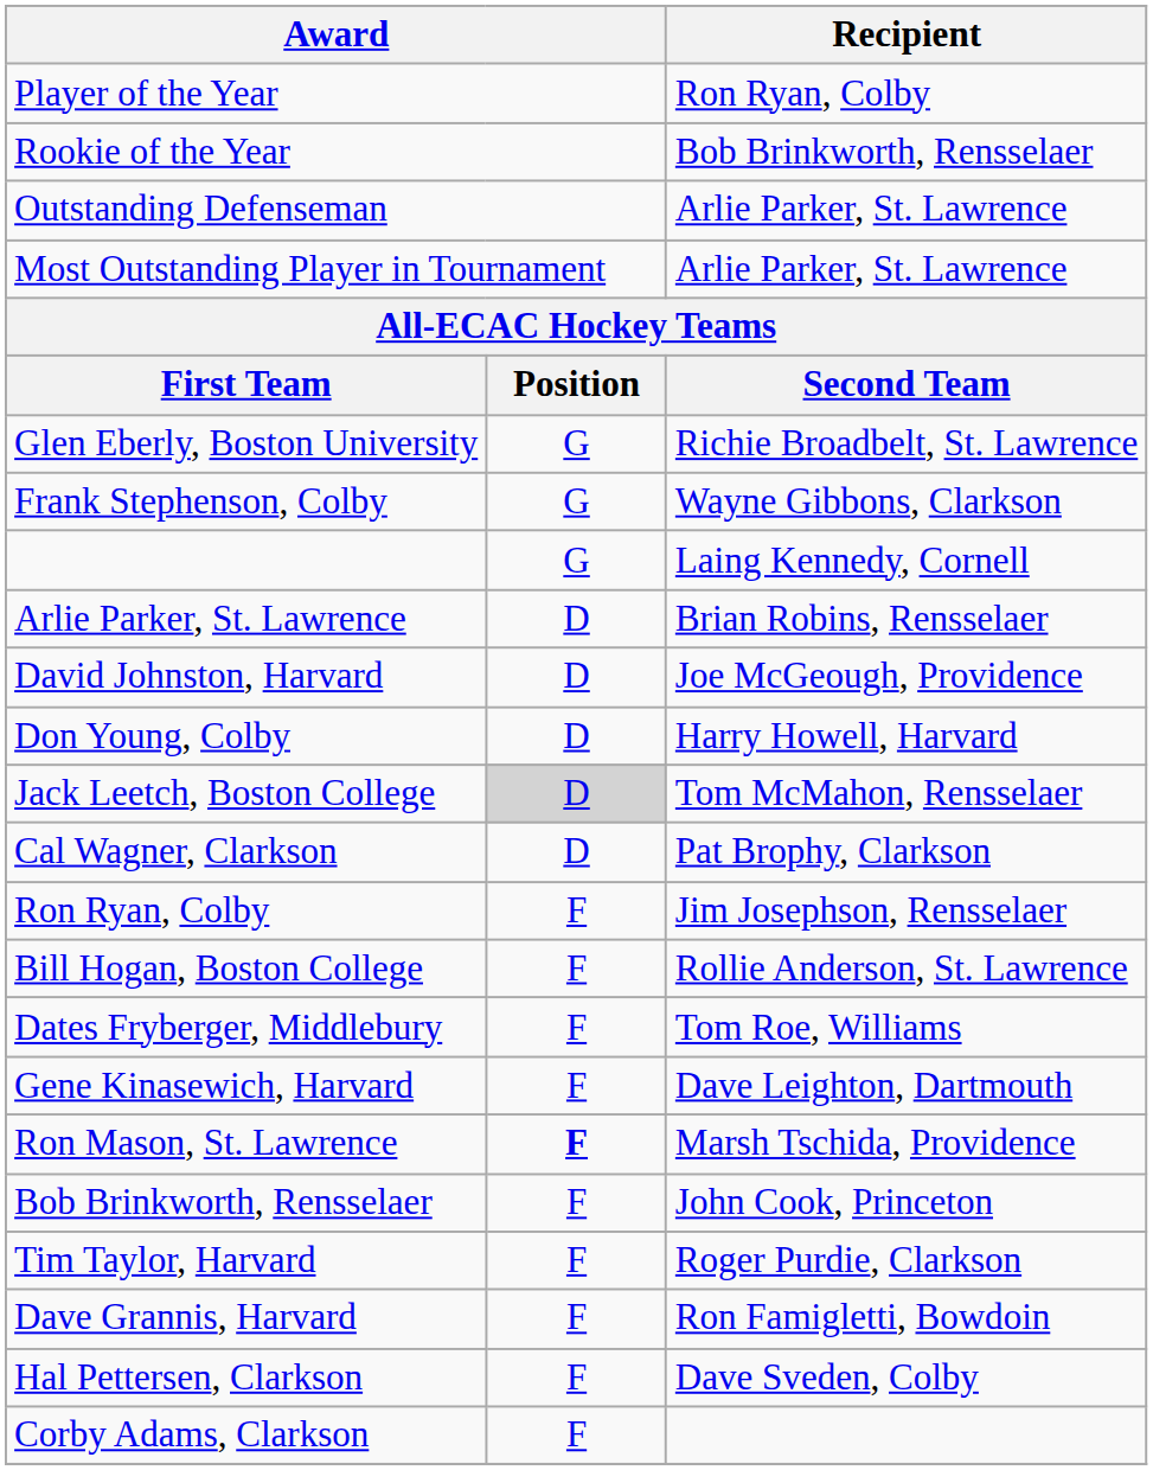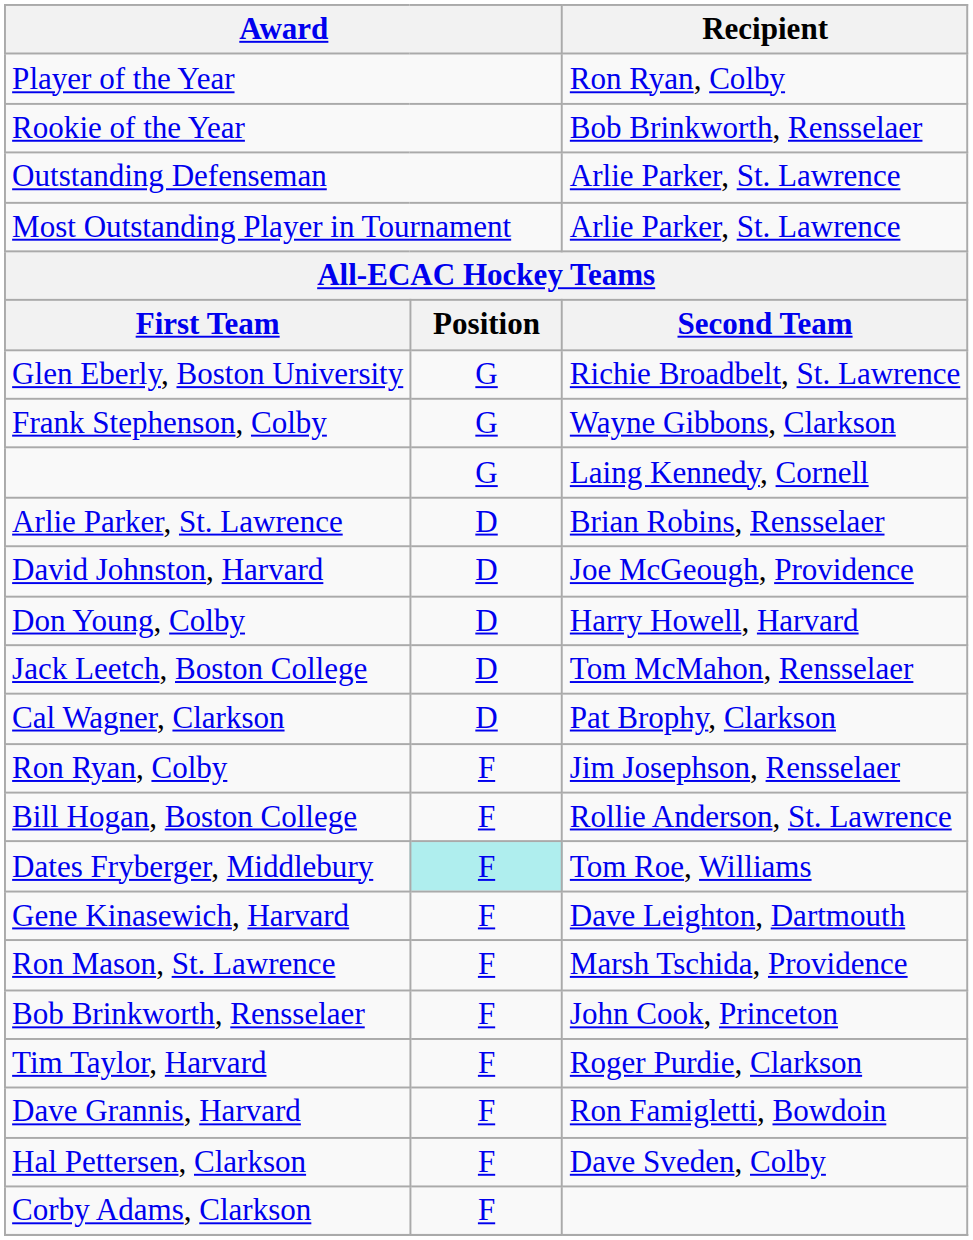 <table class="wikitable">
 <tr>
 <th colspan=2><a href='#'>Award</a></th>
 <th>Recipient</th>
 </tr>
 <tr>
 <td colspan=2><a href='#'>Player of the Year</a></td>
 <td><a href='#'>Ron Ryan</a>, <a href='#'>Colby</a></td>
 </tr>
 <tr>
 <td colspan=2><a href='#'>Rookie of the Year</a></td>
 <td><a href='#'>Bob Brinkworth</a>, <a href='#'>Rensselaer</a></td>
 </tr>
 <tr>
 <td colspan=2><a href='#'>Outstanding Defenseman</a></td>
 <td><a href='#'>Arlie Parker</a>, <a href='#'>St. Lawrence</a></td>
 </tr>
 <tr>
 <td colspan=2><a href='#'>Most Outstanding Player in Tournament</a></td>
 <td><a href='#'>Arlie Parker</a>, <a href='#'>St. Lawrence</a></td>
 </tr>
 <tr>
 <th colspan=3><a href='#'>All-ECAC Hockey Teams</a></th>
 </tr>
 <tr>
 <th><a href='#'>First Team</a></th>
 <th>  Position  </th>
 <th><a href='#'>Second Team</a></th>
 </tr>
 <tr>
 <td><a href='#'>Glen Eberly</a>, <a href='#'>Boston University</a></td>
 <td align=center><a href='#'>G</a></td>
 <td><a href='#'>Richie Broadbelt</a>, <a href='#'>St. Lawrence</a></td>
 </tr>
 <tr>
 <td><a href='#'>Frank Stephenson</a>, <a href='#'>Colby</a></td>
 <td align=center><a href='#'>G</a></td>
 <td><a href='#'>Wayne Gibbons</a>, <a href='#'>Clarkson</a></td>
 </tr>
 <tr>
 <td></td>
 <td align=center><a href='#'>G</a></td>
 <td><a href='#'>Laing Kennedy</a>, <a href='#'>Cornell</a></td>
 </tr>
 <tr>
 <td><a href='#'>Arlie Parker</a>, <a href='#'>St. Lawrence</a></td>
 <td align=center><a href='#'>D</a></td>
 <td><a href='#'>Brian Robins</a>, <a href='#'>Rensselaer</a></td>
 </tr>
 <tr>
 <td><a href='#'>David Johnston</a>, <a href='#'>Harvard</a></td>
 <td align=center><a href='#'>D</a></td>
 <td><a href='#'>Joe McGeough</a>, <a href='#'>Providence</a></td>
 </tr>
 <tr>
 <td><a href='#'>Don Young</a>, <a href='#'>Colby</a></td>
 <td align=center><a href='#'>D</a></td>
 <td><a href='#'>Harry Howell</a>, <a href='#'>Harvard</a></td>
 </tr>
 <tr>
 <td><a href='#'>Jack Leetch</a>, <a href='#'>Boston College</a></td>
-<td align=center style="background: lightgrey;"><a href='#'>D</a></td>
+<td align=center><a href='#'>D</a></td>
 <td><a href='#'>Tom McMahon</a>, <a href='#'>Rensselaer</a></td>
 </tr>
 <tr>
 <td><a href='#'>Cal Wagner</a>, <a href='#'>Clarkson</a></td>
 <td align=center><a href='#'>D</a></td>
 <td><a href='#'>Pat Brophy</a>, <a href='#'>Clarkson</a></td>
 </tr>
 <tr>
 <td><a href='#'>Ron Ryan</a>, <a href='#'>Colby</a></td>
 <td align=center><a href='#'>F</a></td>
 <td><a href='#'>Jim Josephson</a>, <a href='#'>Rensselaer</a></td>
 </tr>
 <tr>
 <td><a href='#'>Bill Hogan</a>, <a href='#'>Boston College</a></td>
 <td align=center><a href='#'>F</a></td>
 <td><a href='#'>Rollie Anderson</a>, <a href='#'>St. Lawrence</a></td>
 </tr>
 <tr>
 <td><a href='#'>Dates Fryberger</a>, <a href='#'>Middlebury</a></td>
-<td align=center><a href='#'>F</a></td>
+<td align=center style="background: paleturquoise;"><a href='#'>F</a></td>
 <td><a href='#'>Tom Roe</a>, <a href='#'>Williams</a></td>
 </tr>
 <tr>
 <td><a href='#'>Gene Kinasewich</a>, <a href='#'>Harvard</a></td>
 <td align=center><a href='#'>F</a></td>
 <td><a href='#'>Dave Leighton</a>, <a href='#'>Dartmouth</a></td>
 </tr>
 <tr>
 <td><a href='#'>Ron Mason</a>, <a href='#'>St. Lawrence</a></td>
-<td align=center><strong><a href='#'>F</a></strong></td>
+<td align=center><a href='#'>F</a></td>
 <td><a href='#'>Marsh Tschida</a>, <a href='#'>Providence</a></td>
 </tr>
 <tr>
 <td><a href='#'>Bob Brinkworth</a>, <a href='#'>Rensselaer</a></td>
 <td align=center><a href='#'>F</a></td>
 <td><a href='#'>John Cook</a>, <a href='#'>Princeton</a></td>
 </tr>
 <tr>
 <td><a href='#'>Tim Taylor</a>, <a href='#'>Harvard</a></td>
 <td align=center><a href='#'>F</a></td>
 <td><a href='#'>Roger Purdie</a>, <a href='#'>Clarkson</a></td>
 </tr>
 <tr>
 <td><a href='#'>Dave Grannis</a>, <a href='#'>Harvard</a></td>
 <td align=center><a href='#'>F</a></td>
 <td><a href='#'>Ron Famigletti</a>, <a href='#'>Bowdoin</a></td>
 </tr>
 <tr>
 <td><a href='#'>Hal Pettersen</a>, <a href='#'>Clarkson</a></td>
 <td align=center><a href='#'>F</a></td>
 <td><a href='#'>Dave Sveden</a>, <a href='#'>Colby</a></td>
 </tr>
 <tr>
 <td><a href='#'>Corby Adams</a>, <a href='#'>Clarkson</a></td>
 <td align=center><a href='#'>F</a></td>
 <td></td>
 </tr>
 <tr>
 </tr>
 </table>
